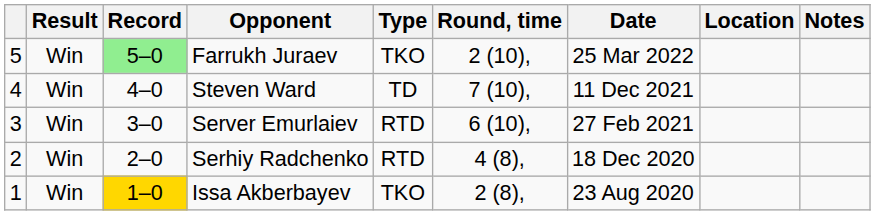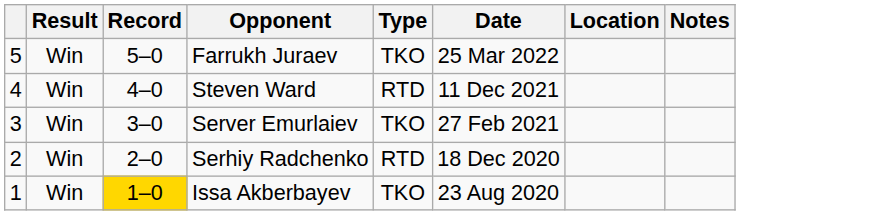 <table class="wikitable" style="text-align:center;">
 <tr>
 <th></th>
 <th>Result</th>
 <th>Record</th>
 <th>Opponent</th>
 <th>Type</th>
-<th>Round, time</th>
 <th>Date</th>
 <th>Location</th>
 <th>Notes</th>
 </tr>
 <tr>
 <td>5</td>
 <td>Win</td>
-<td style="background: lightgreen;">5–0</td>
+<td>5–0</td>
 <td style="text-align:left;">Farrukh Juraev</td>
 <td>TKO</td>
-<td>2 (10), </td>
 <td>25 Mar 2022</td>
 <td style="text-align:left;"></td>
 <td></td>
 </tr>
 <tr>
 <td>4</td>
 <td>Win</td>
 <td>4–0</td>
 <td style="text-align:left;">Steven Ward</td>
-<td>TD</td>
-<td>7 (10), </td>
+<td>RTD</td>
 <td>11 Dec 2021</td>
 <td style="text-align:left;"></td>
 <td style="text-align:left;"></td>
 </tr>
 <tr>
 <td>3</td>
 <td>Win</td>
 <td>3–0</td>
 <td style="text-align:left;">Server Emurlaiev</td>
-<td>RTD</td>
-<td>6 (10), </td>
+<td>TKO</td>
 <td>27 Feb 2021</td>
 <td style="text-align:left;"></td>
 <td style="text-align:left;"></td>
 </tr>
 <tr>
 <td>2</td>
 <td>Win</td>
 <td>2–0</td>
 <td style="text-align:left;">Serhiy Radchenko</td>
 <td>RTD</td>
-<td>4 (8), </td>
 <td>18 Dec 2020</td>
 <td style="text-align:left;"></td>
 <td></td>
 </tr>
 <tr>
 <td>1</td>
 <td>Win</td>
 <td style="background: gold;">1–0</td>
 <td style="text-align:left;">Issa Akberbayev</td>
 <td>TKO</td>
-<td>2 (8), </td>
 <td>23 Aug 2020</td>
 <td style="text-align:left;"></td>
 <td></td>
 </tr>
 </table>
